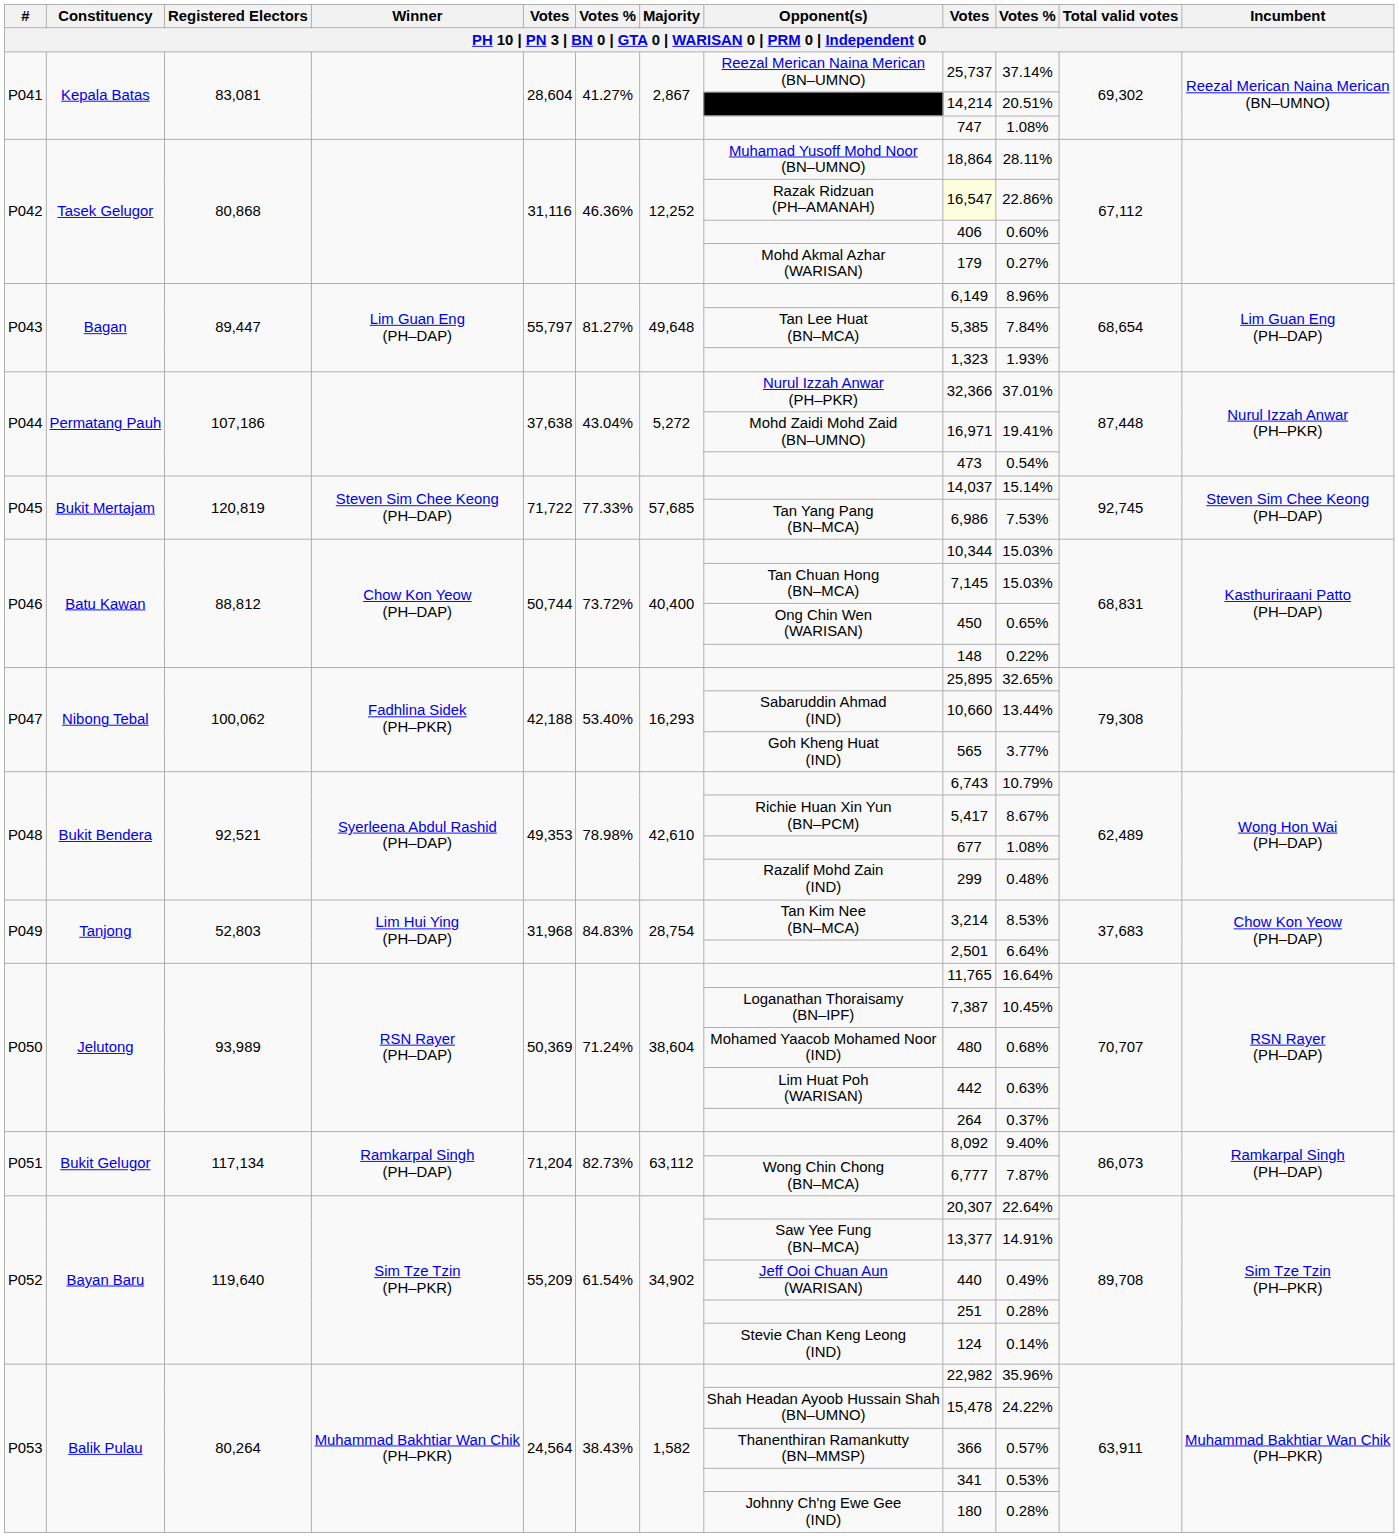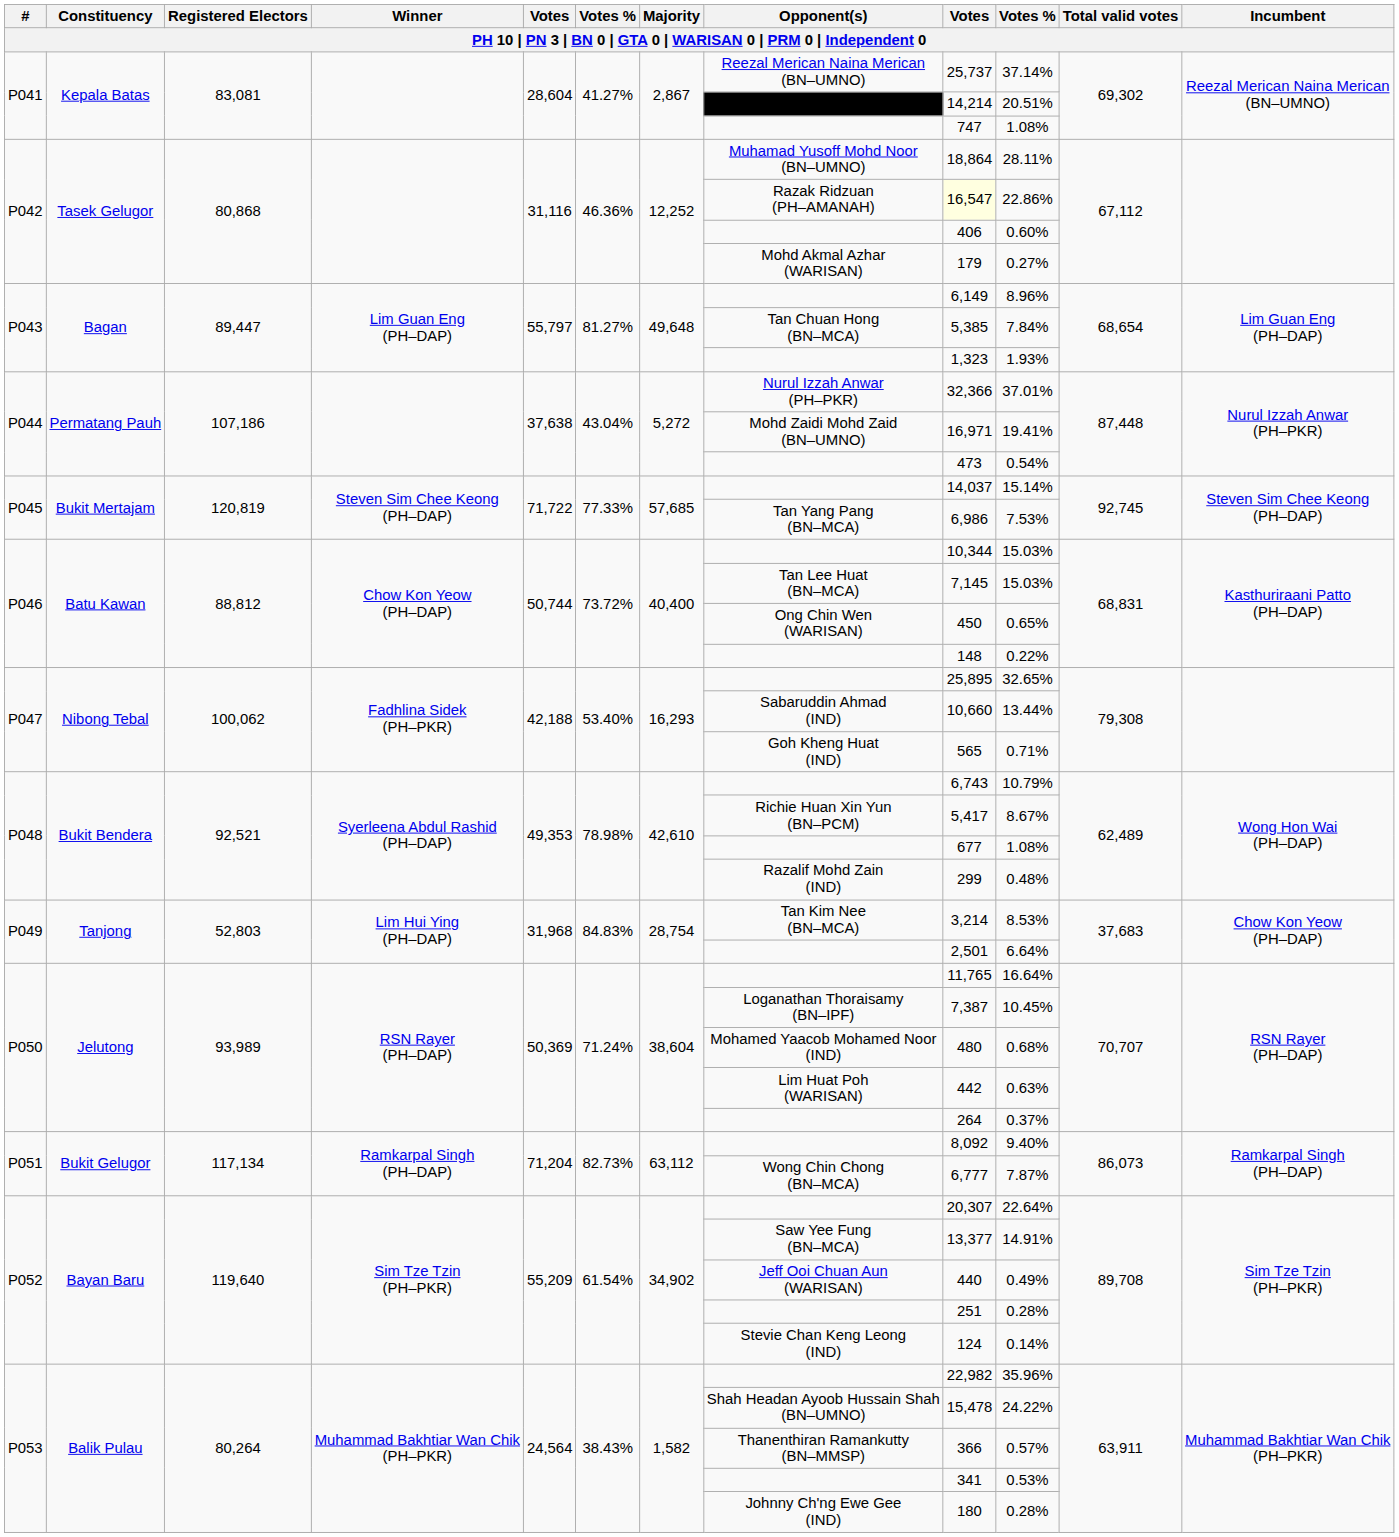 <table class="wikitable sortable" style">
 <tr>
 <th>#</th>
 <th>Constituency</th>
 <th>Registered Electors</th>
 <th>Winner</th>
 <th>Votes</th>
 <th>Votes %</th>
 <th>Majority</th>
 <th>Opponent(s)</th>
 <th>Votes</th>
 <th>Votes %</th>
 <th>Total valid votes</th>
 <th>Incumbent</th>
 </tr>
 <tr>
 <th colspan="13"><a href='#'>PH</a> <strong>10</strong> | <a href='#'>PN</a> <strong>3</strong> | <a href='#'>BN</a> <strong>0</strong>  | <a href='#'>GTA</a> <strong>0</strong>  | <a href='#'>WARISAN</a> <strong>0</strong>   | <a href='#'>PRM</a> <strong>0</strong> | <a href='#'>Independent</a> <strong>0</strong></th>
 </tr>
 <tr align="center">
 <td rowspan=3>P041</td>
 <td rowspan=3><a href='#'>Kepala Batas</a></td>
 <td rowspan=3>83,081</td>
 <td rowspan=3><br></td>
 <td rowspan=3>28,604</td>
 <td rowspan=3>41.27%</td>
 <td rowspan=3>2,867</td>
 <td><a href='#'>Reezal Merican Naina Merican</a><br>(BN–UMNO)</td>
 <td>25,737</td>
 <td>37.14%</td>
 <td rowspan=3>69,302</td>
 <td rowspan=3><a href='#'>Reezal Merican Naina Merican</a><br>(BN–UMNO)</td>
 </tr>
 <tr align="center">
 <td bgcolor="black"></td>
 <td>14,214</td>
 <td>20.51%</td>
 </tr>
 <tr align="center">
 <td></td>
 <td>747</td>
 <td>1.08%</td>
 </tr>
 <tr align="center">
 <td rowspan=4>P042</td>
 <td rowspan=4><a href='#'>Tasek Gelugor</a></td>
 <td rowspan=4>80,868</td>
 <td rowspan=4><br></td>
 <td rowspan=4>31,116</td>
 <td rowspan=4>46.36%</td>
 <td rowspan=4>12,252</td>
 <td><a href='#'>Muhamad Yusoff Mohd Noor</a><br>(BN–UMNO)</td>
 <td>18,864</td>
 <td>28.11%</td>
 <td rowspan=4>67,112</td>
 <td rowspan=4></td>
 </tr>
 <tr align="center">
 <td>Razak Ridzuan<br>(PH–AMANAH)</td>
 <td style="background: lightyellow;">16,547</td>
 <td>22.86%</td>
 </tr>
 <tr align="center">
 <td></td>
 <td>406</td>
 <td>0.60%</td>
 </tr>
 <tr align="center">
 <td>Mohd Akmal Azhar<br>(WARISAN)</td>
 <td>179</td>
 <td>0.27%</td>
 </tr>
 <tr align="center">
 <td rowspan=3>P043</td>
 <td rowspan=3><a href='#'>Bagan</a></td>
 <td rowspan=3>89,447</td>
 <td rowspan=3><a href='#'>Lim Guan Eng</a><br>(PH–DAP)</td>
 <td rowspan=3>55,797</td>
 <td rowspan=3>81.27%</td>
 <td rowspan=3>49,648</td>
 <td></td>
 <td>6,149</td>
 <td>8.96%</td>
 <td rowspan=3>68,654</td>
 <td rowspan=3><a href='#'>Lim Guan Eng</a><br>(PH–DAP)</td>
 </tr>
 <tr align="center">
-<td>Tan Lee Huat<br>(BN–MCA)</td>
+<td>Tan Chuan Hong<br>(BN–MCA)</td>
 <td>5,385</td>
 <td>7.84%</td>
 </tr>
 <tr align="center">
 <td></td>
 <td>1,323</td>
 <td>1.93%</td>
 </tr>
 <tr align="center">
 <td rowspan=3>P044</td>
 <td rowspan=3><a href='#'>Permatang Pauh</a></td>
 <td rowspan=3>107,186</td>
 <td rowspan=3><br></td>
 <td rowspan=3>37,638</td>
 <td rowspan=3>43.04%</td>
 <td rowspan=3>5,272</td>
 <td><a href='#'>Nurul Izzah Anwar</a><br>(PH–PKR)</td>
 <td>32,366</td>
 <td>37.01%</td>
 <td rowspan=3>87,448</td>
 <td rowspan=3><a href='#'>Nurul Izzah Anwar</a><br>(PH–PKR)</td>
 </tr>
 <tr align="center">
 <td>Mohd Zaidi Mohd Zaid<br>(BN–UMNO)</td>
 <td>16,971</td>
 <td>19.41%</td>
 </tr>
 <tr align="center">
 <td></td>
 <td>473</td>
 <td>0.54%</td>
 </tr>
 <tr align="center">
 <td rowspan=2>P045</td>
 <td rowspan=2><a href='#'>Bukit Mertajam</a></td>
 <td rowspan=2>120,819</td>
 <td rowspan=2><a href='#'>Steven Sim Chee Keong</a><br>(PH–DAP)</td>
 <td rowspan=2>71,722</td>
 <td rowspan=2>77.33%</td>
 <td rowspan=2>57,685</td>
 <td></td>
 <td>14,037</td>
 <td>15.14%</td>
 <td rowspan=2>92,745</td>
 <td rowspan=2><a href='#'>Steven Sim Chee Keong</a><br>(PH–DAP)</td>
 </tr>
 <tr align="center">
 <td>Tan Yang Pang<br>(BN–MCA)</td>
 <td>6,986</td>
 <td>7.53%</td>
 </tr>
 <tr align="center">
 <td rowspan=4>P046</td>
 <td rowspan=4><a href='#'>Batu Kawan</a></td>
 <td rowspan=4>88,812</td>
 <td rowspan=4><a href='#'>Chow Kon Yeow</a><br>(PH–DAP)</td>
 <td rowspan=4>50,744</td>
 <td rowspan=4>73.72%</td>
 <td rowspan=4>40,400</td>
 <td></td>
 <td>10,344</td>
 <td>15.03%</td>
 <td rowspan=4>68,831</td>
 <td rowspan=4><a href='#'>Kasthuriraani Patto</a><br>(PH–DAP)</td>
 </tr>
 <tr align="center">
-<td>Tan Chuan Hong<br>(BN–MCA)</td>
+<td>Tan Lee Huat<br>(BN–MCA)</td>
 <td>7,145</td>
 <td>15.03%</td>
 </tr>
 <tr align="center">
 <td>Ong Chin Wen<br>(WARISAN)</td>
 <td>450</td>
 <td>0.65%</td>
 </tr>
 <tr align="center">
 <td></td>
 <td>148</td>
 <td>0.22%</td>
 </tr>
 <tr align="center">
 <td rowspan=3>P047</td>
 <td rowspan=3><a href='#'>Nibong Tebal</a></td>
 <td rowspan=3>100,062</td>
 <td rowspan=3><a href='#'>Fadhlina Sidek</a><br>(PH–PKR)</td>
 <td rowspan=3>42,188</td>
 <td rowspan=3>53.40%</td>
 <td rowspan=3>16,293</td>
 <td><br></td>
 <td>25,895</td>
 <td>32.65%</td>
 <td rowspan=3>79,308</td>
 <td rowspan=3><br></td>
 </tr>
 <tr align="center">
 <td>Sabaruddin Ahmad<br>(IND)</td>
 <td>10,660</td>
 <td>13.44%</td>
 </tr>
 <tr align="center">
 <td>Goh Kheng Huat<br>(IND)</td>
 <td>565</td>
-<td>3.77%</td>
+<td>0.71%</td>
 </tr>
 <tr align="center">
 <td rowspan=4>P048</td>
 <td rowspan=4><a href='#'>Bukit Bendera</a></td>
 <td rowspan=4>92,521</td>
 <td rowspan=4><a href='#'>Syerleena Abdul Rashid</a><br>(PH–DAP)</td>
 <td rowspan=4>49,353</td>
 <td rowspan=4>78.98%</td>
 <td rowspan=4>42,610</td>
 <td></td>
 <td>6,743</td>
 <td>10.79%</td>
 <td rowspan=4>62,489</td>
 <td rowspan=4><a href='#'>Wong Hon Wai</a><br>(PH–DAP)</td>
 </tr>
 <tr align="center">
 <td>Richie Huan Xin Yun<br>(BN–PCM)</td>
 <td>5,417</td>
 <td>8.67%</td>
 </tr>
 <tr align="center">
 <td></td>
 <td>677</td>
 <td>1.08%</td>
 </tr>
 <tr align="center">
 <td>Razalif Mohd Zain<br>(IND)</td>
 <td>299</td>
 <td>0.48%</td>
 </tr>
 <tr align="center">
 <td rowspan=2>P049</td>
 <td rowspan=2><a href='#'>Tanjong</a></td>
 <td rowspan=2>52,803</td>
 <td rowspan=2><a href='#'>Lim Hui Ying</a><br>(PH–DAP)</td>
 <td rowspan=2>31,968</td>
 <td rowspan=2>84.83%</td>
 <td rowspan=2>28,754</td>
 <td>Tan Kim Nee<br>(BN–MCA)</td>
 <td>3,214</td>
 <td>8.53%</td>
 <td rowspan=2>37,683</td>
 <td rowspan=2><a href='#'>Chow Kon Yeow</a><br>(PH–DAP)</td>
 </tr>
 <tr align="center">
 <td></td>
 <td>2,501</td>
 <td>6.64%</td>
 </tr>
 <tr align="center">
 <td rowspan=5>P050</td>
 <td rowspan=5><a href='#'>Jelutong</a></td>
 <td rowspan=5>93,989</td>
 <td rowspan=5><a href='#'>RSN Rayer</a><br>(PH–DAP)</td>
 <td rowspan=5>50,369</td>
 <td rowspan=5>71.24%</td>
 <td rowspan=5>38,604</td>
 <td></td>
 <td>11,765</td>
 <td>16.64%</td>
 <td rowspan=5>70,707</td>
 <td rowspan=5><a href='#'>RSN Rayer</a><br>(PH–DAP)</td>
 </tr>
 <tr align="center">
 <td>Loganathan Thoraisamy<br>(BN–IPF)</td>
 <td>7,387</td>
 <td>10.45%</td>
 </tr>
 <tr align="center">
 <td>Mohamed Yaacob Mohamed Noor<br>(IND)</td>
 <td>480</td>
 <td>0.68%</td>
 </tr>
 <tr align="center">
 <td>Lim Huat Poh<br>(WARISAN)</td>
 <td>442</td>
 <td>0.63%</td>
 </tr>
 <tr align="center">
 <td></td>
 <td>264</td>
 <td>0.37%</td>
 </tr>
 <tr align="center">
 <td rowspan=2>P051</td>
 <td rowspan=2><a href='#'>Bukit Gelugor</a></td>
 <td rowspan=2>117,134</td>
 <td rowspan=2><a href='#'>Ramkarpal Singh</a><br>(PH–DAP)</td>
 <td rowspan=2>71,204</td>
 <td rowspan=2>82.73%</td>
 <td rowspan=2>63,112</td>
 <td></td>
 <td>8,092</td>
 <td>9.40%</td>
 <td rowspan=2>86,073</td>
 <td rowspan=2><a href='#'>Ramkarpal Singh</a><br>(PH–DAP)</td>
 </tr>
 <tr align="center">
 <td>Wong Chin Chong<br>(BN–MCA)</td>
 <td>6,777</td>
 <td>7.87%</td>
 </tr>
 <tr align="center">
 <td rowspan=5>P052</td>
 <td rowspan=5><a href='#'>Bayan Baru</a></td>
 <td rowspan=5>119,640</td>
 <td rowspan=5><a href='#'>Sim Tze Tzin</a><br>(PH–PKR)</td>
 <td rowspan=5>55,209</td>
 <td rowspan=5>61.54%</td>
 <td rowspan=5>34,902</td>
 <td></td>
 <td>20,307</td>
 <td>22.64%</td>
 <td rowspan=5>89,708</td>
 <td rowspan=5><a href='#'>Sim Tze Tzin</a><br>(PH–PKR)</td>
 </tr>
 <tr align="center">
 <td>Saw Yee Fung<br>(BN–MCA)</td>
 <td>13,377</td>
 <td>14.91%</td>
 </tr>
 <tr align="center">
 <td><a href='#'>Jeff Ooi Chuan Aun</a><br>(WARISAN)</td>
 <td>440</td>
 <td>0.49%</td>
 </tr>
 <tr align="center">
 <td></td>
 <td>251</td>
 <td>0.28%</td>
 </tr>
 <tr align="center">
 <td>Stevie Chan Keng Leong<br>(IND)</td>
 <td>124</td>
 <td>0.14%</td>
 </tr>
 <tr align="center">
 <td rowspan=5>P053</td>
 <td rowspan=5><a href='#'>Balik Pulau</a></td>
 <td rowspan=5>80,264</td>
 <td rowspan=5><a href='#'>Muhammad Bakhtiar Wan Chik</a><br>(PH–PKR)</td>
 <td rowspan=5>24,564</td>
 <td rowspan=5>38.43%</td>
 <td rowspan=5>1,582</td>
 <td></td>
 <td>22,982</td>
 <td>35.96%</td>
 <td rowspan=5>63,911</td>
 <td rowspan=5><a href='#'>Muhammad Bakhtiar Wan Chik</a><br>(PH–PKR)</td>
 </tr>
 <tr align="center">
 <td>Shah Headan Ayoob Hussain Shah<br>(BN–UMNO)</td>
 <td>15,478</td>
 <td>24.22%</td>
 </tr>
 <tr align="center">
 <td>Thanenthiran Ramankutty<br>(BN–MMSP)</td>
 <td>366</td>
 <td>0.57%</td>
 </tr>
 <tr align="center">
 <td></td>
 <td>341</td>
 <td>0.53%</td>
 </tr>
 <tr align="center">
 <td>Johnny Ch'ng Ewe Gee<br>(IND)</td>
 <td>180</td>
 <td>0.28%</td>
 </tr>
 </table>
